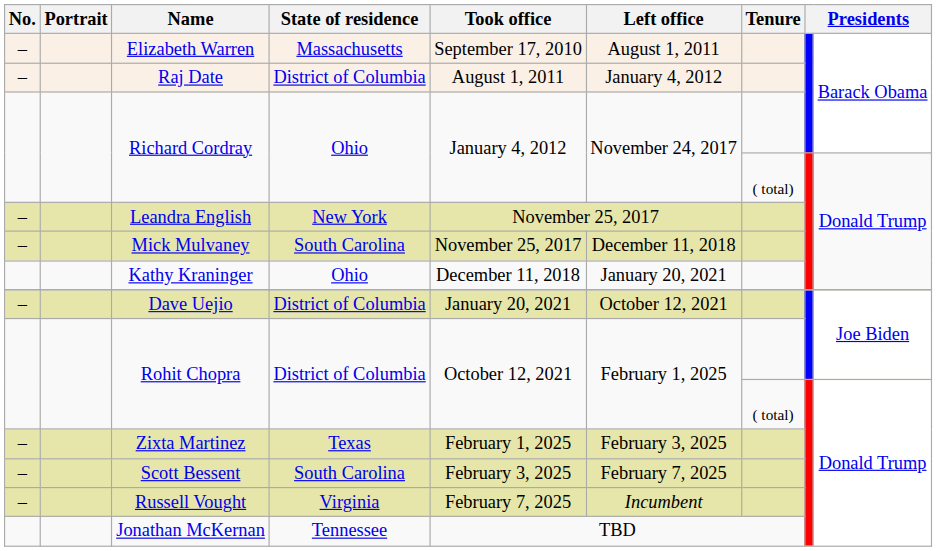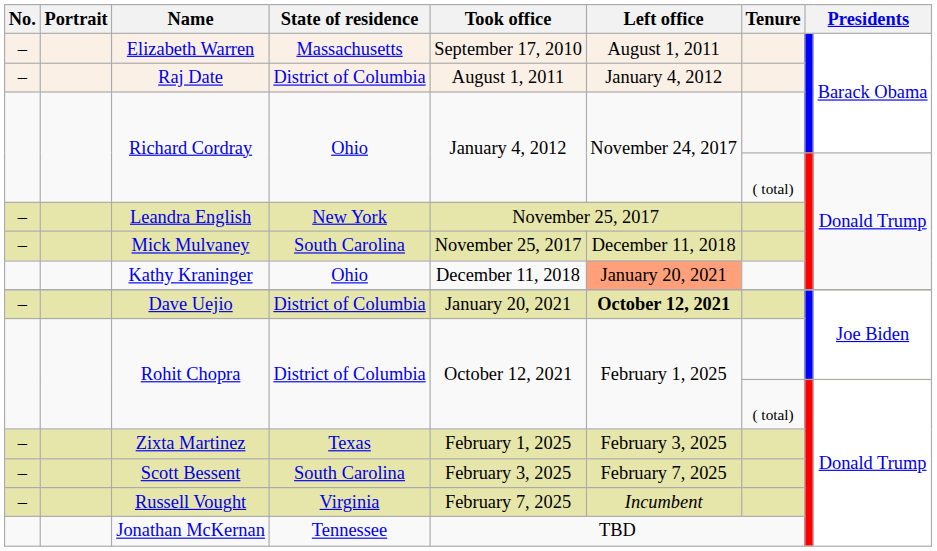 <table class="wikitable" style="clear:right; text-align:center">
 <tr>
 <th>No.</th>
 <th>Portrait</th>
 <th>Name</th>
 <th>State of residence</th>
 <th>Took office</th>
 <th>Left office</th>
 <th>Tenure</th>
 <th colspan="2"><a href='#'>Presidents</a></th>
 </tr>
 <tr style="background:linen;">
 <td>–</td>
 <td></td>
 <td><a href='#'>Elizabeth Warren</a><br></td>
 <td><a href='#'>Massachusetts</a></td>
 <td>September 17, 2010</td>
 <td>August 1, 2011</td>
 <td></td>
 <td rowspan="3" style="background: blue"></td>
 <td rowspan="3" style="background:white;"><a href='#'>Barack Obama</a></td>
 </tr>
 <tr style="background:linen;">
 <td>–</td>
 <td></td>
 <td><a href='#'>Raj Date</a><br></td>
 <td><a href='#'>District of Columbia</a></td>
 <td>August 1, 2011</td>
 <td>January 4, 2012</td>
 <td></td>
 </tr>
 <tr>
 <td rowspan="2" style="background: "></td>
 <td rowspan="2"></td>
 <td rowspan="2"><a href='#'>Richard Cordray</a></td>
 <td rowspan="2"><a href='#'>Ohio</a></td>
 <td rowspan="2">January 4, 2012</td>
 <td rowspan="2">November 24, 2017</td>
 <td height="45px"></td>
 </tr>
 <tr>
 <td><br><small>( total)</small></td>
 <td rowspan="4" style="background: red"></td>
 <td rowspan="4"><a href='#'>Donald Trump</a></td>
 </tr>
 <tr style="background:#e6e6aa;">
 <td>–</td>
 <td></td>
 <td><a href='#'>Leandra English</a><br></td>
 <td><a href='#'>New York</a></td>
 <td align=center colspan=2 bgcolor="#E6E6AA">November 25, 2017<br></td>
 <td></td>
 </tr>
 <tr style="background:#e6e6aa;">
 <td>–</td>
 <td></td>
 <td><a href='#'>Mick Mulvaney</a><br></td>
 <td><a href='#'>South Carolina</a></td>
 <td>November 25, 2017</td>
 <td>December 11, 2018</td>
 <td></td>
 </tr>
 <tr>
 <td style="background: "></td>
 <td></td>
 <td><a href='#'>Kathy Kraninger</a></td>
 <td><a href='#'>Ohio</a></td>
 <td>December 11, 2018</td>
-<td>January 20, 2021</td>
+<td style="background: lightsalmon;">January 20, 2021</td>
 <td></td>
 </tr>
 <tr>
 </tr>
 <tr style="background:#e6e6aa;">
 <td>–</td>
 <td></td>
 <td><a href='#'>Dave Uejio</a><br></td>
 <td><a href='#'>District of Columbia</a></td>
 <td>January 20, 2021</td>
-<td>October 12, 2021</td>
+<td><strong>October 12, 2021</strong></td>
 <td></td>
 <td rowspan="2" style="background: blue"></td>
 <td rowspan="2" style="background:white;"><a href='#'>Joe Biden</a></td>
 </tr>
 <tr>
 <td rowspan=2 style="background: "></td>
 <td rowspan=2></td>
 <td rowspan=2><a href='#'>Rohit Chopra</a></td>
 <td rowspan=2><a href='#'>District of Columbia</a></td>
 <td rowspan=2>October 12, 2021</td>
 <td rowspan=2>February 1, 2025</td>
 <td height="45px"></td>
 </tr>
 <tr>
 <td><br><small>( total)</small></td>
 <td rowspan="5" style="background: red"></td>
 <td rowspan="5" style="background:white;"><a href='#'>Donald Trump</a></td>
 </tr>
 <tr style="background:#e6e6aa;">
 <td>–</td>
 <td></td>
 <td><a href='#'>Zixta Martinez</a><br></td>
 <td><a href='#'>Texas</a></td>
 <td>February 1, 2025</td>
 <td>February 3, 2025</td>
 <td></td>
 </tr>
 <tr style="background:#e6e6aa;">
 <td>–</td>
 <td></td>
 <td><a href='#'>Scott Bessent</a><br></td>
 <td><a href='#'>South Carolina</a></td>
 <td>February 3, 2025</td>
 <td>February 7, 2025</td>
 <td></td>
 </tr>
 <tr style="background:#e6e6aa;">
 <td>–</td>
 <td></td>
 <td><a href='#'>Russell Vought</a><br></td>
 <td><a href='#'>Virginia</a></td>
 <td>February 7, 2025</td>
 <td><em>Incumbent</em></td>
 <td></td>
 </tr>
 <tr>
 <td style="background: "></td>
 <td></td>
 <td><a href='#'>Jonathan McKernan</a></td>
 <td><a href='#'>Tennessee</a></td>
 <td colspan="3">TBD</td>
 </tr>
 </table>
